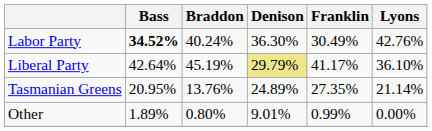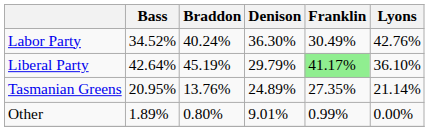 <table class="wikitable">
 <tr>
 <th></th>
 <th>Bass</th>
 <th>Braddon</th>
 <th>Denison</th>
 <th>Franklin</th>
 <th>Lyons</th>
 </tr>
 <tr>
 <td><a href='#'>Labor Party</a></td>
-<td><strong>34.52%</strong></td>
+<td>34.52%</td>
 <td>40.24%</td>
 <td>36.30%</td>
 <td>30.49%</td>
 <td>42.76%</td>
 </tr>
 <tr>
 <td><a href='#'>Liberal Party</a></td>
 <td>42.64%</td>
 <td>45.19%</td>
-<td style="background: khaki;">29.79%</td>
-<td>41.17%</td>
+<td>29.79%</td>
+<td style="background: lightgreen;">41.17%</td>
 <td>36.10%</td>
 </tr>
 <tr>
 <td><a href='#'>Tasmanian Greens</a></td>
 <td>20.95%</td>
 <td>13.76%</td>
 <td>24.89%</td>
 <td>27.35%</td>
 <td>21.14%</td>
 </tr>
 <tr>
 <td>Other</td>
 <td>1.89%</td>
 <td>0.80%</td>
 <td>9.01%</td>
 <td>0.99%</td>
 <td>0.00%</td>
 </tr>
 <tr>
 </tr>
 </table>
